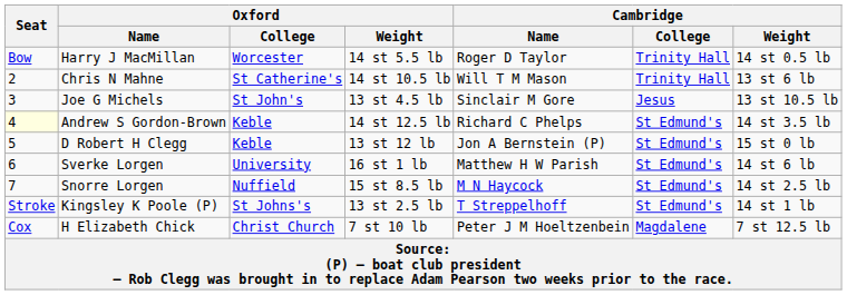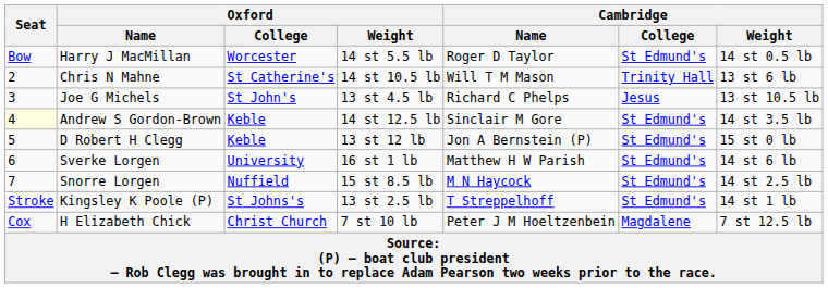 <table class="wikitable">
 <tr>
 <th rowspan="2" scope="col">Seat</th>
 <th colspan="3" scope="col">Oxford <br> </th>
 <th colspan="3" scope="col">Cambridge <br> </th>
 </tr>
 <tr>
 <th>Name</th>
 <th>College</th>
 <th>Weight</th>
 <th>Name</th>
 <th>College</th>
 <th>Weight</th>
 </tr>
 <tr>
 <td><a href='#'>Bow</a></td>
 <td>Harry J MacMillan</td>
 <td><a href='#'>Worcester</a></td>
 <td>14 st 5.5 lb</td>
 <td>Roger D Taylor</td>
-<td><a href='#'>Trinity Hall</a></td>
+<td><a href='#'>St Edmund's</a></td>
 <td>14 st 0.5 lb</td>
 </tr>
 <tr>
 <td>2</td>
 <td>Chris N Mahne</td>
 <td><a href='#'>St Catherine's</a></td>
 <td>14 st 10.5 lb</td>
 <td>Will T M Mason</td>
 <td><a href='#'>Trinity Hall</a></td>
 <td>13 st 6 lb</td>
 </tr>
 <tr>
 <td>3</td>
 <td>Joe G Michels</td>
 <td><a href='#'>St John's</a></td>
 <td>13 st 4.5 lb</td>
-<td>Sinclair M Gore</td>
+<td>Richard C Phelps</td>
 <td><a href='#'>Jesus</a></td>
 <td>13 st 10.5 lb</td>
 </tr>
 <tr>
 <td style="background: lightyellow;">4</td>
 <td>Andrew S Gordon-Brown</td>
 <td><a href='#'>Keble</a></td>
 <td>14 st 12.5 lb</td>
-<td>Richard C Phelps</td>
+<td>Sinclair M Gore</td>
 <td><a href='#'>St Edmund's</a></td>
 <td>14 st 3.5 lb</td>
 </tr>
 <tr>
 <td>5</td>
 <td>D Robert H Clegg </td>
 <td><a href='#'>Keble</a></td>
 <td>13 st 12 lb</td>
 <td>Jon A Bernstein (P)</td>
 <td><a href='#'>St Edmund's</a></td>
 <td>15 st 0 lb</td>
 </tr>
 <tr>
 <td>6</td>
 <td>Sverke Lorgen</td>
 <td><a href='#'>University</a></td>
 <td>16 st 1 lb</td>
 <td>Matthew H W Parish</td>
 <td><a href='#'>St Edmund's</a></td>
 <td>14 st 6 lb</td>
 </tr>
 <tr>
 <td>7</td>
 <td>Snorre Lorgen</td>
 <td><a href='#'>Nuffield</a></td>
 <td>15 st 8.5 lb</td>
 <td><a href='#'>M N Haycock</a></td>
 <td><a href='#'>St Edmund's</a></td>
 <td>14 st 2.5 lb</td>
 </tr>
 <tr>
 <td><a href='#'>Stroke</a></td>
 <td>Kingsley K Poole (P)</td>
 <td><a href='#'>St Johns's</a></td>
 <td>13 st 2.5 lb</td>
 <td><a href='#'>T Streppelhoff</a></td>
 <td><a href='#'>St Edmund's</a></td>
 <td>14 st 1 lb</td>
 </tr>
 <tr>
 <td><a href='#'>Cox</a></td>
 <td>H Elizabeth Chick</td>
 <td><a href='#'>Christ Church</a></td>
 <td>7 st 10 lb</td>
 <td>Peter J M Hoeltzenbein</td>
 <td><a href='#'>Magdalene</a></td>
 <td>7 st 12.5 lb</td>
 </tr>
 <tr>
 <th colspan="7">Source:<br>(P) – boat club president<br> – Rob Clegg was brought in to replace Adam Pearson two weeks prior to the race.</th>
 </tr>
 </table>
